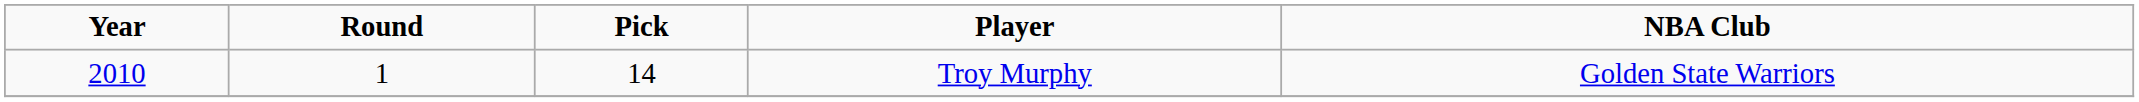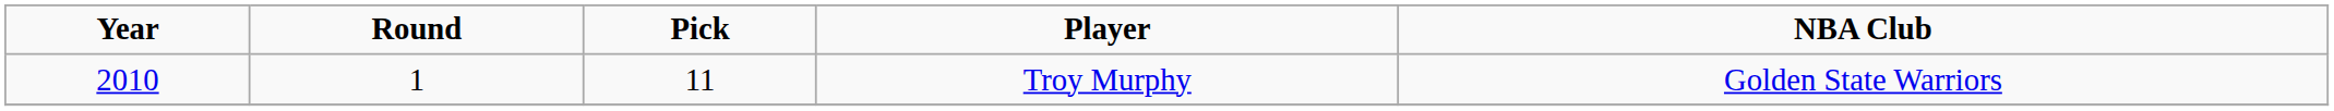 <table class="wikitable" width="60%">
 <tr align="center"  style=>
 <td><strong>Year</strong></td>
 <td><strong>Round</strong></td>
 <td><strong>Pick</strong></td>
 <td><strong>Player</strong></td>
 <td><strong>NBA Club</strong></td>
 </tr>
 <tr align="center" bgcolor="">
 <td><a href='#'>2010</a></td>
 <td>1</td>
-<td>14</td>
+<td>11</td>
 <td><a href='#'>Troy Murphy</a></td>
 <td><a href='#'>Golden State Warriors</a></td>
 </tr>
 <tr align="center" bgcolor="">
 </tr>
 </table>
